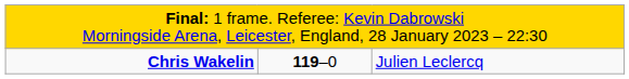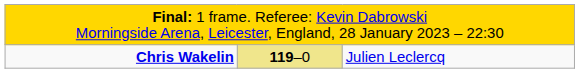 <table class="wikitable" style="font-size: 95%; margin: 1em auto 1em auto;">
 <tr>
 <td colspan="3" align="center" bgcolor="#ffd700"><strong>Final:</strong> 1 frame. Referee: <a href='#'>Kevin Dabrowski</a><br> <a href='#'>Morningside Arena</a>, <a href='#'>Leicester</a>, England, 28 January 2023 – 22:30</td>
 </tr>
 <tr>
 <td width="230" align="right"><strong><a href='#'>Chris Wakelin</a></strong><br></td>
-<td width="100" align="center"><strong>119</strong>–0</td>
+<td width="100" align="center" style="background: khaki;"><strong>119</strong>–0</td>
 <td width="230"><a href='#'>Julien Leclercq</a><br></td>
 </tr>
 </table>
